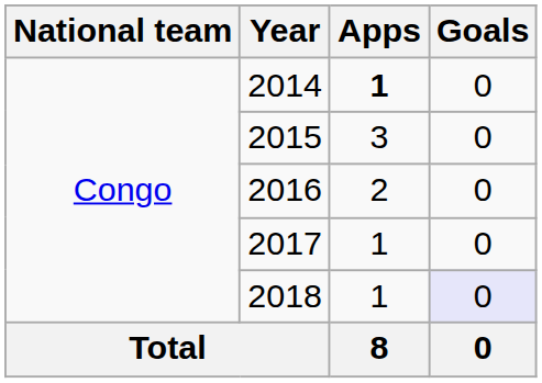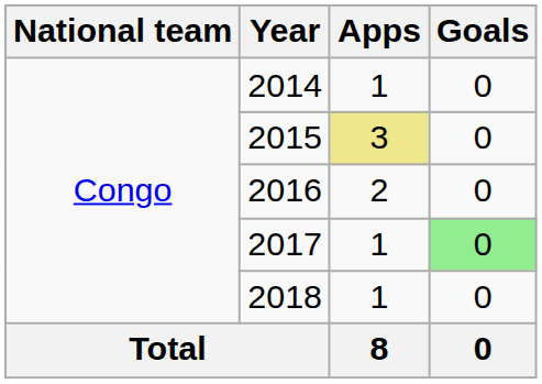 <table class="wikitable" style="text-align:center">
 <tr>
 <th>National team</th>
 <th>Year</th>
 <th>Apps</th>
 <th>Goals</th>
 </tr>
 <tr>
 <td rowspan="5"><a href='#'>Congo</a></td>
 <td>2014</td>
-<td><strong>1</strong></td>
+<td>1</td>
 <td>0</td>
 </tr>
 <tr>
 <td>2015</td>
-<td>3</td>
+<td style="background: khaki;">3</td>
 <td>0</td>
 </tr>
 <tr>
 <td>2016</td>
 <td>2</td>
 <td>0</td>
 </tr>
 <tr>
 <td>2017</td>
 <td>1</td>
-<td>0</td>
+<td style="background: lightgreen;">0</td>
 </tr>
 <tr>
 <td>2018</td>
 <td>1</td>
-<td style="background: lavender;">0</td>
+<td>0</td>
 </tr>
 <tr>
 <th colspan="2">Total</th>
 <th>8</th>
 <th>0</th>
 </tr>
 </table>
